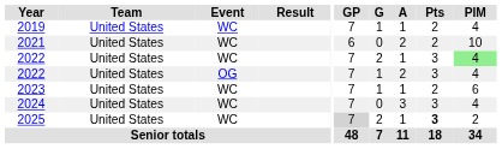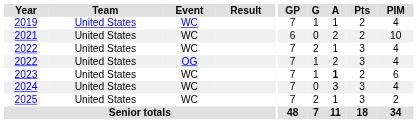 <table border="0" cellpadding="1" cellspacing="0" ID="Table3" style="text-align:center; width:40em">
 <tr ALIGN="center" bgcolor="#e0e0e0">
 <th>Year</th>
 <th>Team</th>
 <th>Event</th>
 <th>Result</th>
 <th rowspan="99" bgcolor="#ffffff"></th>
 <th>GP</th>
 <th>G</th>
 <th>A</th>
 <th>Pts</th>
 <th>PIM</th>
 </tr>
 <tr>
 <td><a href='#'>2019</a></td>
 <td><a href='#'>United States</a></td>
 <td><a href='#'>WC</a></td>
 <td></td>
 <td>7</td>
 <td>1</td>
 <td>1</td>
 <td>2</td>
 <td>4</td>
 </tr>
 <tr bgcolor="#f0f0f0">
 <td><a href='#'>2021</a></td>
 <td>United States</td>
 <td>WC</td>
 <td></td>
 <td>6</td>
 <td>0</td>
 <td>2</td>
 <td>2</td>
 <td>10</td>
 </tr>
 <tr>
 <td><a href='#'>2022</a></td>
 <td>United States</td>
 <td>WC</td>
 <td></td>
 <td>7</td>
 <td>2</td>
 <td>1</td>
 <td>3</td>
-<td style="background: lightgreen;">4</td>
+<td>4</td>
 </tr>
 <tr bgcolor="#f0f0f0">
 <td><a href='#'>2022</a></td>
 <td>United States</td>
 <td><a href='#'>OG</a></td>
 <td></td>
 <td>7</td>
 <td>1</td>
 <td>2</td>
 <td>3</td>
 <td>4</td>
 </tr>
 <tr>
 <td><a href='#'>2023</a></td>
 <td>United States</td>
 <td>WC</td>
 <td></td>
 <td>7</td>
 <td>1</td>
-<td>1</td>
+<td><strong>1</strong></td>
 <td>2</td>
 <td>6</td>
 </tr>
 <tr bgcolor="#f0f0f0">
 <td><a href='#'>2024</a></td>
 <td>United States</td>
 <td>WC</td>
 <td></td>
 <td>7</td>
 <td>0</td>
 <td>3</td>
 <td>3</td>
 <td>4</td>
 </tr>
 <tr>
 <td><a href='#'>2025</a></td>
 <td>United States</td>
 <td>WC</td>
 <td></td>
-<td style="background: lightgrey;">7</td>
+<td>7</td>
 <td>2</td>
 <td>1</td>
-<td><strong>3</strong></td>
+<td>3</td>
 <td>2</td>
 </tr>
 <tr bgcolor="#e0e0e0">
 <th colspan="4">Senior totals</th>
 <th>48</th>
 <th>7</th>
 <th>11</th>
 <th>18</th>
 <th>34</th>
 </tr>
 </table>
